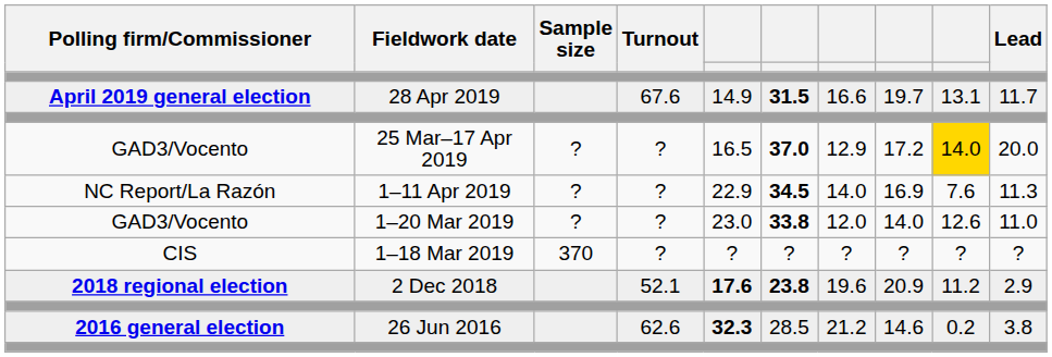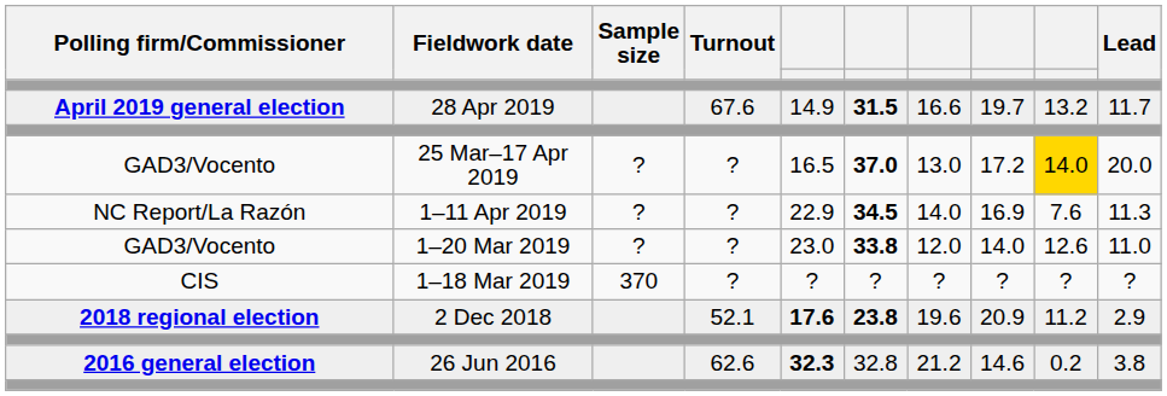 <table class="wikitable collapsible collapsed" style="text-align:center; font-size:95%; line-height:16px;">
 <tr style="height:42px;">
 <th style="width:250px;" rowspan="2">Polling firm/Commissioner</th>
 <th style="width:125px;" rowspan="2">Fieldwork date</th>
 <th style="width:50px;" rowspan="2">Sample size</th>
 <th style="width:45px;" rowspan="2">Turnout</th>
 <th style="width:35px;"></th>
 <th style="width:35px;"></th>
 <th style="width:35px;"></th>
 <th style="width:35px;"></th>
 <th style="width:35px;"></th>
 <th style="width:30px;" rowspan="2">Lead</th>
 </tr>
 <tr>
 <th style="color:inherit;background:"></th>
 <th style="color:inherit;background:"></th>
 <th style="color:inherit;background:"></th>
 <th style="color:inherit;background:"></th>
 <th style="color:inherit;background:"></th>
 </tr>
 <tr>
 <td colspan="10" style="background:#A0A0A0"></td>
 </tr>
 <tr style="background:#EFEFEF;">
 <td><strong><a href='#'>April 2019 general election</a></strong></td>
 <td>28 Apr 2019</td>
 <td></td>
 <td>67.6</td>
 <td>14.9<br></td>
 <td><strong>31.5</strong><br></td>
 <td>16.6<br></td>
 <td>19.7<br></td>
-<td>13.1<br></td>
+<td>13.2<br></td>
 <td style="background:">11.7</td>
 </tr>
 <tr>
 <td colspan="10" style="background:#A0A0A0"></td>
 </tr>
 <tr>
 <td>GAD3/Vocento</td>
 <td>25 Mar–17 Apr 2019</td>
 <td>?</td>
 <td>?</td>
 <td>16.5<br></td>
 <td><strong>37.0</strong><br></td>
-<td>12.9<br></td>
+<td>13.0<br></td>
 <td>17.2<br></td>
 <td style="background: gold;">14.0<br></td>
 <td style="background:">20.0</td>
 </tr>
 <tr>
 <td>NC Report/La Razón</td>
 <td>1–11 Apr 2019</td>
 <td>?</td>
 <td>?</td>
 <td>22.9<br></td>
 <td><strong>34.5</strong><br></td>
 <td>14.0<br></td>
 <td>16.9<br></td>
 <td>7.6<br></td>
 <td style="background:">11.3</td>
 </tr>
 <tr>
 <td>GAD3/Vocento</td>
 <td>1–20 Mar 2019</td>
 <td>?</td>
 <td>?</td>
 <td>23.0<br></td>
 <td><strong>33.8</strong><br></td>
 <td>12.0<br></td>
 <td>14.0<br></td>
 <td>12.6<br></td>
 <td style="background:">11.0</td>
 </tr>
 <tr>
 <td>CIS</td>
 <td>1–18 Mar 2019</td>
 <td>370</td>
 <td>?</td>
 <td>?<br></td>
 <td>?<br></td>
 <td>?<br></td>
 <td>?<br></td>
 <td>?<br></td>
 <td style="background:">?</td>
 </tr>
 <tr style="background:#EFEFEF;">
 <td><strong><a href='#'>2018 regional election</a></strong></td>
 <td>2 Dec 2018</td>
 <td></td>
 <td>52.1</td>
 <td><strong>17.6<br></strong></td>
 <td><strong>23.8</strong><br></td>
 <td>19.6<br></td>
 <td>20.9<br></td>
 <td>11.2<br></td>
 <td style="background:">2.9</td>
 </tr>
 <tr>
 <td colspan="10" style="background:#A0A0A0"></td>
 </tr>
 <tr style="background:#EFEFEF;">
 <td><strong><a href='#'>2016 general election</a></strong></td>
 <td>26 Jun 2016</td>
 <td></td>
 <td>62.6</td>
 <td><strong>32.3</strong><br></td>
-<td>28.5<br></td>
+<td>32.8<br></td>
 <td>21.2<br></td>
 <td>14.6<br></td>
 <td>0.2<br></td>
 <td style="background:">3.8</td>
 </tr>
 <tr>
 <td colspan="10" style="background:#A0A0A0"></td>
 </tr>
 </table>
